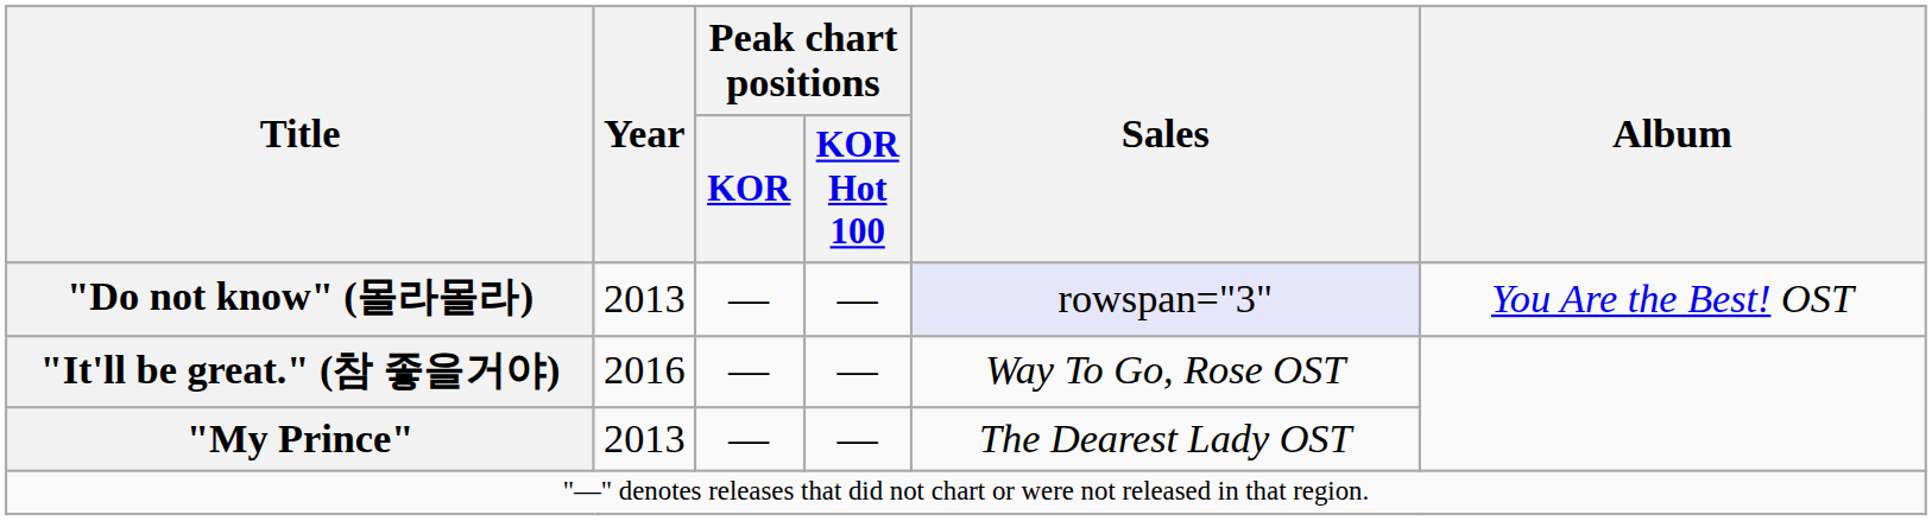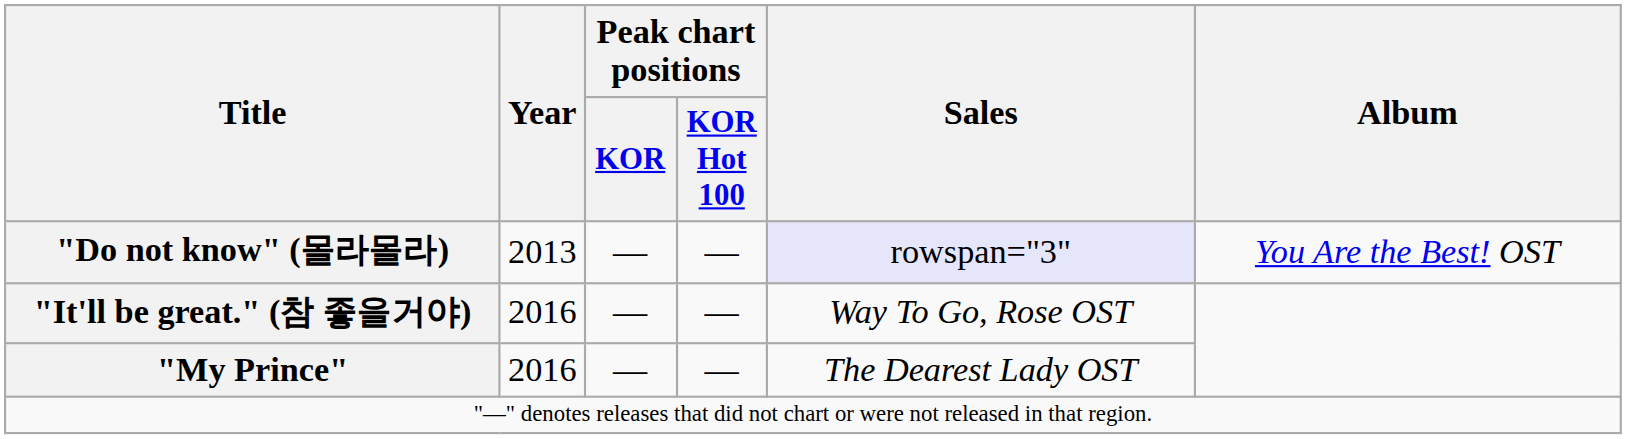 <table class="wikitable plainrowheaders" style="text-align:center;">
 <tr>
 <th scope="col" rowspan="2" style="width:14em;">Title</th>
 <th scope="col" rowspan="2">Year</th>
 <th scope="col" colspan="2">Peak chart positions</th>
 <th scope="col" rowspan="2" style="width:12em;">Sales</th>
 <th scope="col" rowspan="2" style="width:12em;">Album</th>
 </tr>
 <tr>
 <th scope="col" style="width:2.5em;font-size:90%;"><a href='#'>KOR</a><br></th>
 <th scope="col" style="width:2.5em;font-size:90%;"><a href='#'>KOR<br>Hot 100</a><br></th>
 </tr>
 <tr>
 <th scope="row">"Do not know" (몰라몰라)</th>
 <td>2013</td>
 <td>—</td>
 <td>—</td>
 <td style="background: lavender;">rowspan="3" </td>
 <td><em><a href='#'>You Are the Best!</a> OST</em></td>
 </tr>
 <tr>
 <th scope="row">"It'll be great." (참 좋을거야)</th>
 <td>2016</td>
 <td>—</td>
 <td>—</td>
 <td><em>Way To Go, Rose OST</em></td>
 </tr>
 <tr>
 <th scope="row">"My Prince"</th>
-<td>2013</td>
+<td>2016</td>
 <td>—</td>
 <td>—</td>
 <td><em>The Dearest Lady OST</em></td>
 </tr>
 <tr>
 <td colspan="6" style="font-size:8pt;">"—" denotes releases that did not chart or were not released in that region.</td>
 </tr>
 </table>
